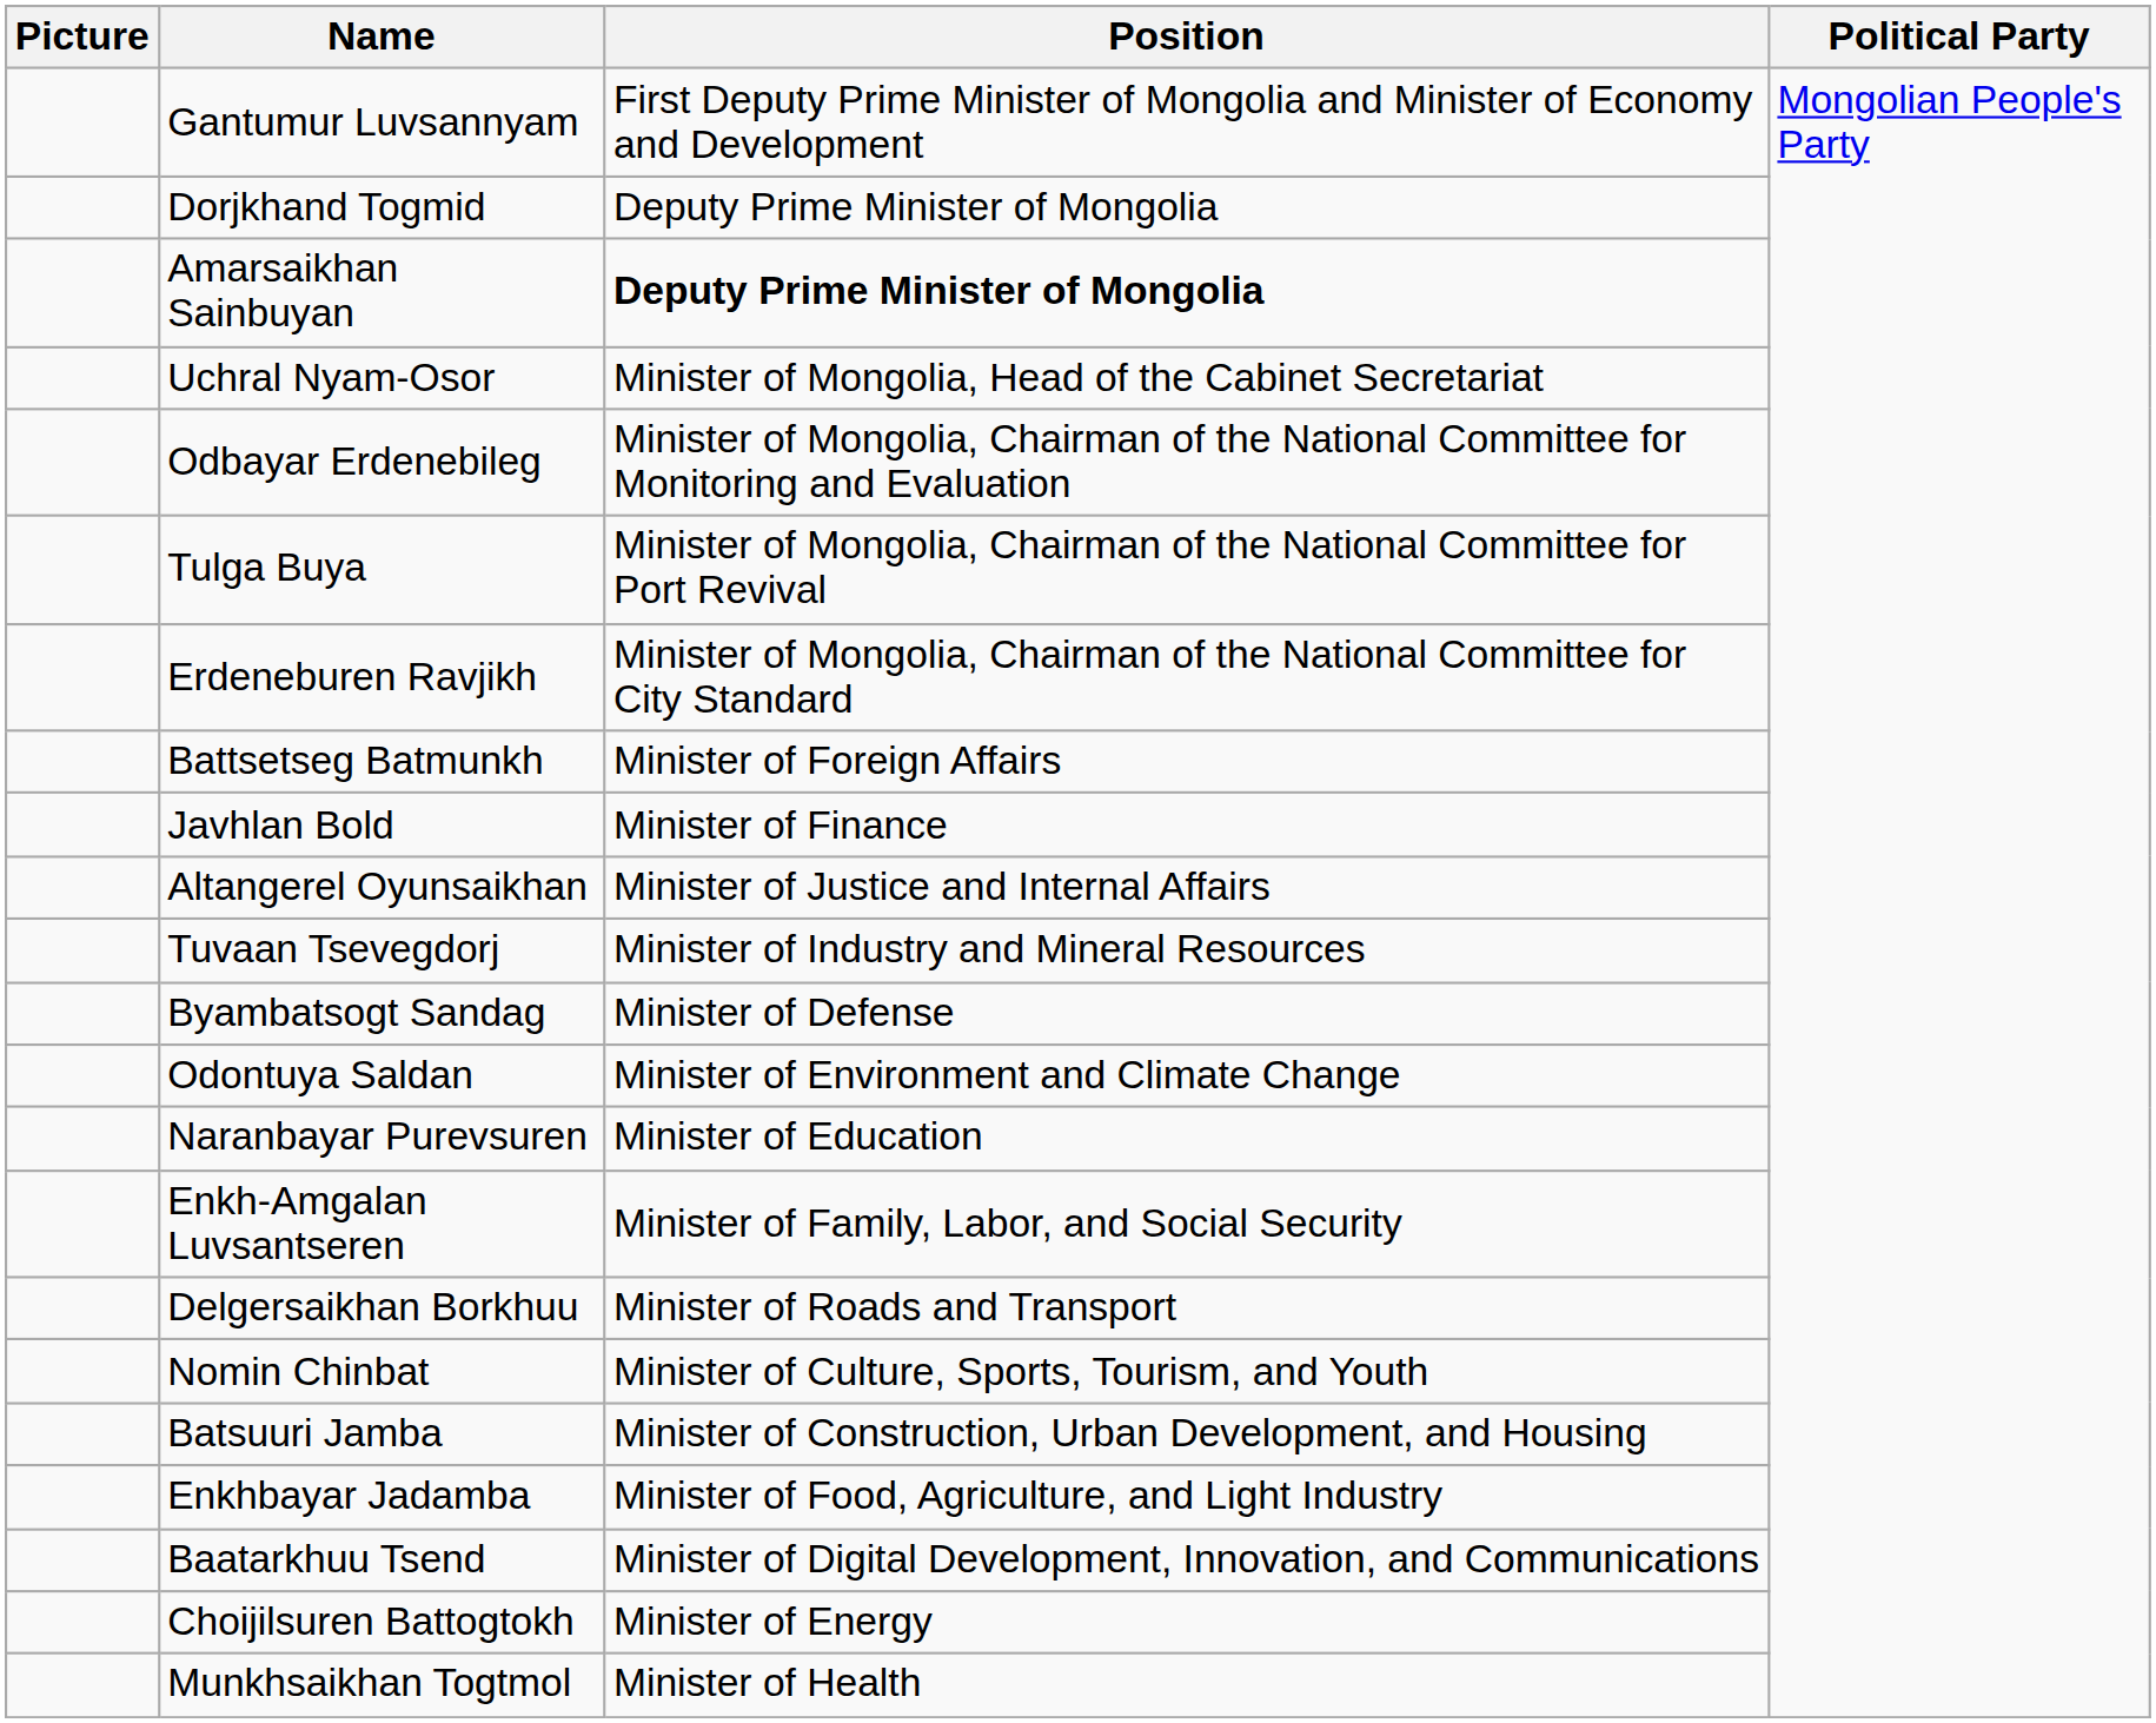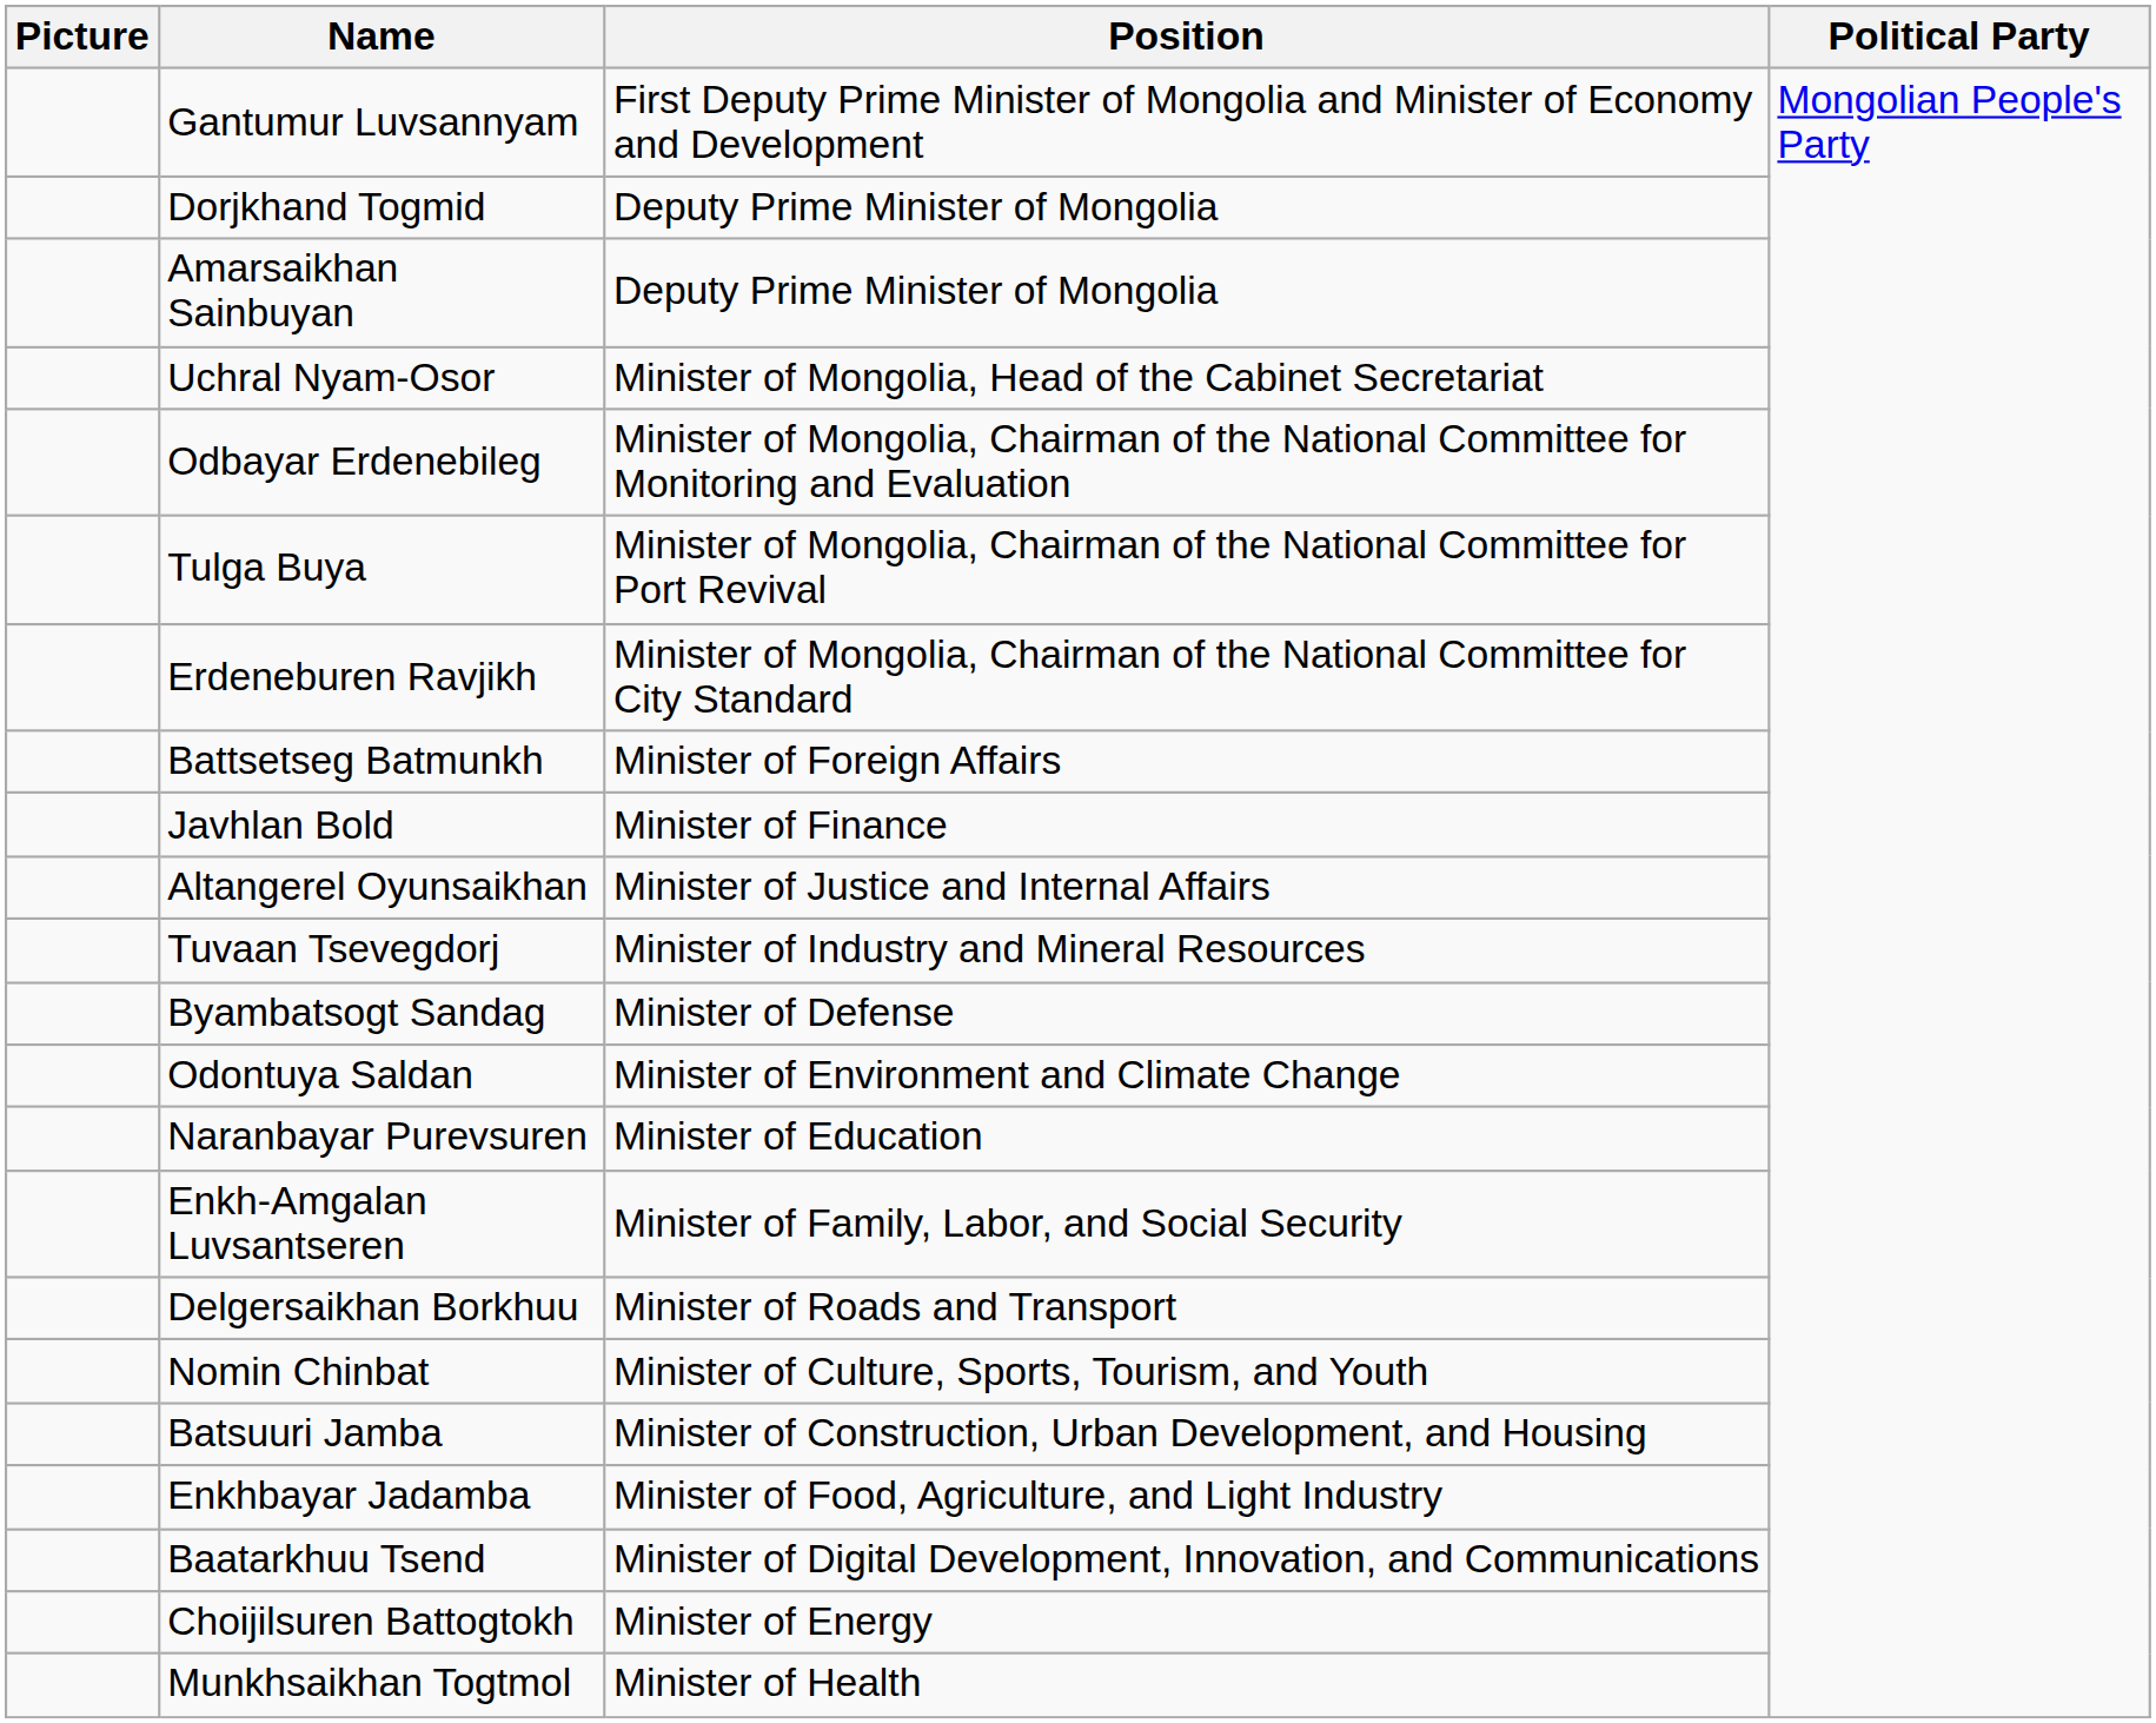 <table class="wikitable">
 <tr>
 <th>Picture</th>
 <th>Name</th>
 <th>Position</th>
 <th>Political Party</th>
 </tr>
 <tr>
 <td></td>
 <td>Gantumur Luvsannyam</td>
 <td>First Deputy Prime Minister of Mongolia and Minister of Economy and Development</td>
 <td rowspan="22" valign="top"><a href='#'>Mongolian People's Party</a></td>
 </tr>
 <tr>
 <td></td>
 <td>Dorjkhand Togmid</td>
 <td>Deputy Prime Minister of Mongolia</td>
 </tr>
 <tr>
 <td></td>
 <td>Amarsaikhan Sainbuyan</td>
-<td><strong>Deputy Prime Minister of Mongolia</strong></td>
+<td>Deputy Prime Minister of Mongolia</td>
 </tr>
 <tr>
 <td></td>
 <td>Uchral Nyam-Osor</td>
 <td>Minister of Mongolia, Head of the Cabinet Secretariat</td>
 </tr>
 <tr>
 <td></td>
 <td>Odbayar Erdenebileg</td>
 <td>Minister of Mongolia, Chairman of the National Committee for Monitoring and Evaluation</td>
 </tr>
 <tr>
 <td></td>
 <td>Tulga Buya</td>
 <td>Minister of Mongolia, Chairman of the National Committee for Port Revival</td>
 </tr>
 <tr>
 <td></td>
 <td>Erdeneburen Ravjikh</td>
 <td>Minister of Mongolia, Chairman of the National Committee for City Standard</td>
 </tr>
 <tr>
 <td></td>
 <td>Battsetseg Batmunkh</td>
 <td>Minister of Foreign Affairs</td>
 </tr>
 <tr>
 <td></td>
 <td>Javhlan Bold</td>
 <td>Minister of Finance</td>
 </tr>
 <tr>
 <td></td>
 <td>Altangerel Oyunsaikhan</td>
 <td>Minister of Justice and Internal Affairs</td>
 </tr>
 <tr>
 <td></td>
 <td>Tuvaan Tsevegdorj</td>
 <td>Minister of Industry and Mineral Resources</td>
 </tr>
 <tr>
 <td></td>
 <td>Byambatsogt Sandag</td>
 <td>Minister of Defense</td>
 </tr>
 <tr>
 <td></td>
 <td>Odontuya Saldan</td>
 <td>Minister of Environment and Climate Change</td>
 </tr>
 <tr>
 <td></td>
 <td>Naranbayar Purevsuren</td>
 <td>Minister of Education</td>
 </tr>
 <tr>
 <td></td>
 <td>Enkh-Amgalan Luvsantseren</td>
 <td>Minister of Family, Labor, and Social Security</td>
 </tr>
 <tr>
 <td></td>
 <td>Delgersaikhan Borkhuu</td>
 <td>Minister of Roads and Transport</td>
 </tr>
 <tr>
 <td></td>
 <td>Nomin Chinbat</td>
 <td>Minister of Culture, Sports, Tourism, and Youth</td>
 </tr>
 <tr>
 <td></td>
 <td>Batsuuri Jamba</td>
 <td>Minister of Construction, Urban Development, and Housing</td>
 </tr>
 <tr>
 <td></td>
 <td>Enkhbayar Jadamba</td>
 <td>Minister of Food, Agriculture, and Light Industry</td>
 </tr>
 <tr>
 <td></td>
 <td>Baatarkhuu Tsend</td>
 <td>Minister of Digital Development, Innovation, and Communications</td>
 </tr>
 <tr>
 <td></td>
 <td>Choijilsuren Battogtokh</td>
 <td>Minister of Energy</td>
 </tr>
 <tr>
 <td></td>
 <td>Munkhsaikhan Togtmol</td>
 <td>Minister of Health</td>
 </tr>
 </table>
